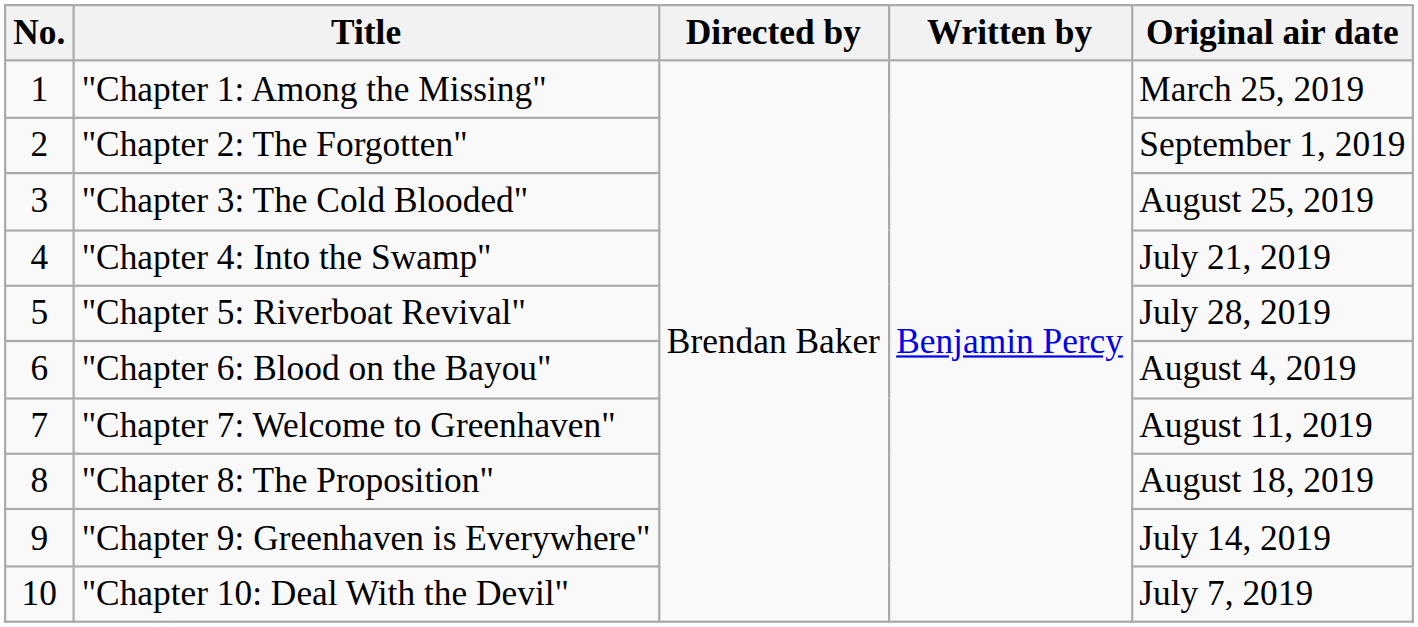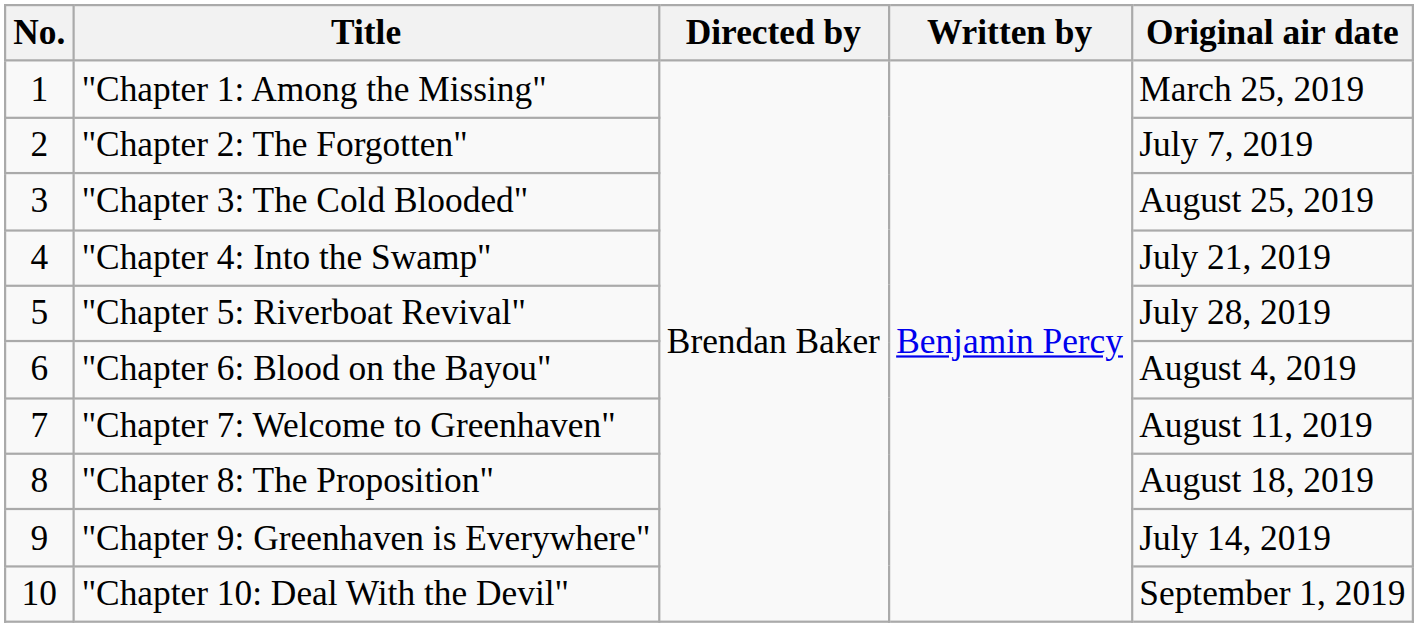 <table class="wikitable">
 <tr>
 <th>No.</th>
 <th>Title</th>
 <th>Directed by</th>
 <th>Written by</th>
 <th>Original air date</th>
 </tr>
 <tr>
 <td align=center>1</td>
 <td>"Chapter 1: Among the Missing"</td>
 <td rowspan=10>Brendan Baker</td>
 <td rowspan=10><a href='#'>Benjamin Percy</a></td>
 <td>March 25, 2019</td>
 </tr>
 <tr>
 <td align=center>2</td>
 <td>"Chapter 2: The Forgotten"</td>
-<td>September 1, 2019</td>
+<td>July 7, 2019</td>
 </tr>
 <tr>
 <td align=center>3</td>
 <td>"Chapter 3: The Cold Blooded"</td>
 <td>August 25, 2019</td>
 </tr>
 <tr>
 <td align=center>4</td>
 <td>"Chapter 4: Into the Swamp"</td>
 <td>July 21, 2019</td>
 </tr>
 <tr>
 <td align=center>5</td>
 <td>"Chapter 5: Riverboat Revival"</td>
 <td>July 28, 2019</td>
 </tr>
 <tr>
 <td align=center>6</td>
 <td>"Chapter 6: Blood on the Bayou"</td>
 <td>August 4, 2019</td>
 </tr>
 <tr>
 <td align=center>7</td>
 <td>"Chapter 7: Welcome to Greenhaven"</td>
 <td>August 11, 2019</td>
 </tr>
 <tr>
 <td align=center>8</td>
 <td>"Chapter 8: The Proposition"</td>
 <td>August 18, 2019</td>
 </tr>
 <tr>
 <td align=center>9</td>
 <td>"Chapter 9: Greenhaven is Everywhere"</td>
 <td>July 14, 2019</td>
 </tr>
 <tr>
 <td align=center>10</td>
 <td>"Chapter 10: Deal With the Devil"</td>
-<td>July 7, 2019</td>
+<td>September 1, 2019</td>
 </tr>
 </table>
